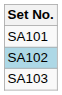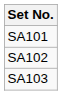 <table class="wikitable">
 <tr>
 <th>Set No.</th>
 </tr>
 <tr>
 <td>SA101</td>
 </tr>
 <tr>
-<td style="background: lightblue;">SA102</td>
+<td>SA102</td>
 </tr>
 <tr>
 <td>SA103</td>
 </tr>
 </table>
